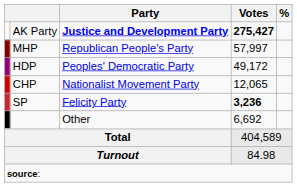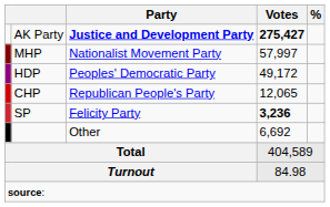 <table class="wikitable">
 <tr>
 <th colspan="2" align="center"></th>
 <th align="center">Party</th>
 <th align="center">Votes</th>
 <th align="center">%</th>
 </tr>
 <tr align="left">
 <td></td>
 <td>AK Party</td>
 <td><strong><a href='#'>Justice and Development Party</a></strong></td>
 <td><strong>275,427</strong></td>
 <td><strong></strong></td>
 </tr>
 <tr align="left">
 <td bgcolor="#870000" width="1"></td>
 <td>MHP</td>
-<td><a href='#'>Republican People's Party</a></td>
+<td><a href='#'>Nationalist Movement Party</a></td>
 <td>57,997</td>
 <td></td>
 </tr>
 <tr align="left">
 <td bgcolor="#91007B" width="1"></td>
 <td>HDP</td>
 <td><a href='#'>Peoples' Democratic Party</a></td>
 <td>49,172</td>
 <td></td>
 </tr>
 <tr align="left">
 <td bgcolor="#d50000" width="1"></td>
 <td>CHP</td>
-<td><a href='#'>Nationalist Movement Party</a></td>
+<td><a href='#'>Republican People's Party</a></td>
 <td>12,065</td>
 <td></td>
 </tr>
 <tr align="left">
 <td bgcolor="#D02433" width="1"></td>
 <td>SP</td>
 <td><a href='#'>Felicity Party</a></td>
 <td><strong>3,236</strong></td>
 <td></td>
 </tr>
 <tr align="left">
 <td bgcolor=" " width="1"></td>
 <td></td>
 <td>Other</td>
 <td>6,692</td>
 <td></td>
 </tr>
 <tr align="left" style="background-color:#E9E9E9">
 <th colspan="3" align="center"><strong>Total</strong></th>
 <td colspan="5" align="center">404,589</td>
 </tr>
 <tr align="left" style="background-color:#E9E9E9">
 <th colspan="3" align="center"><em>Turnout</em></th>
 <td colspan="5" align="center">84.98</td>
 </tr>
 <tr>
 <td colspan="9" align="left"><small><strong>source</strong>: </small></td>
 </tr>
 </table>
